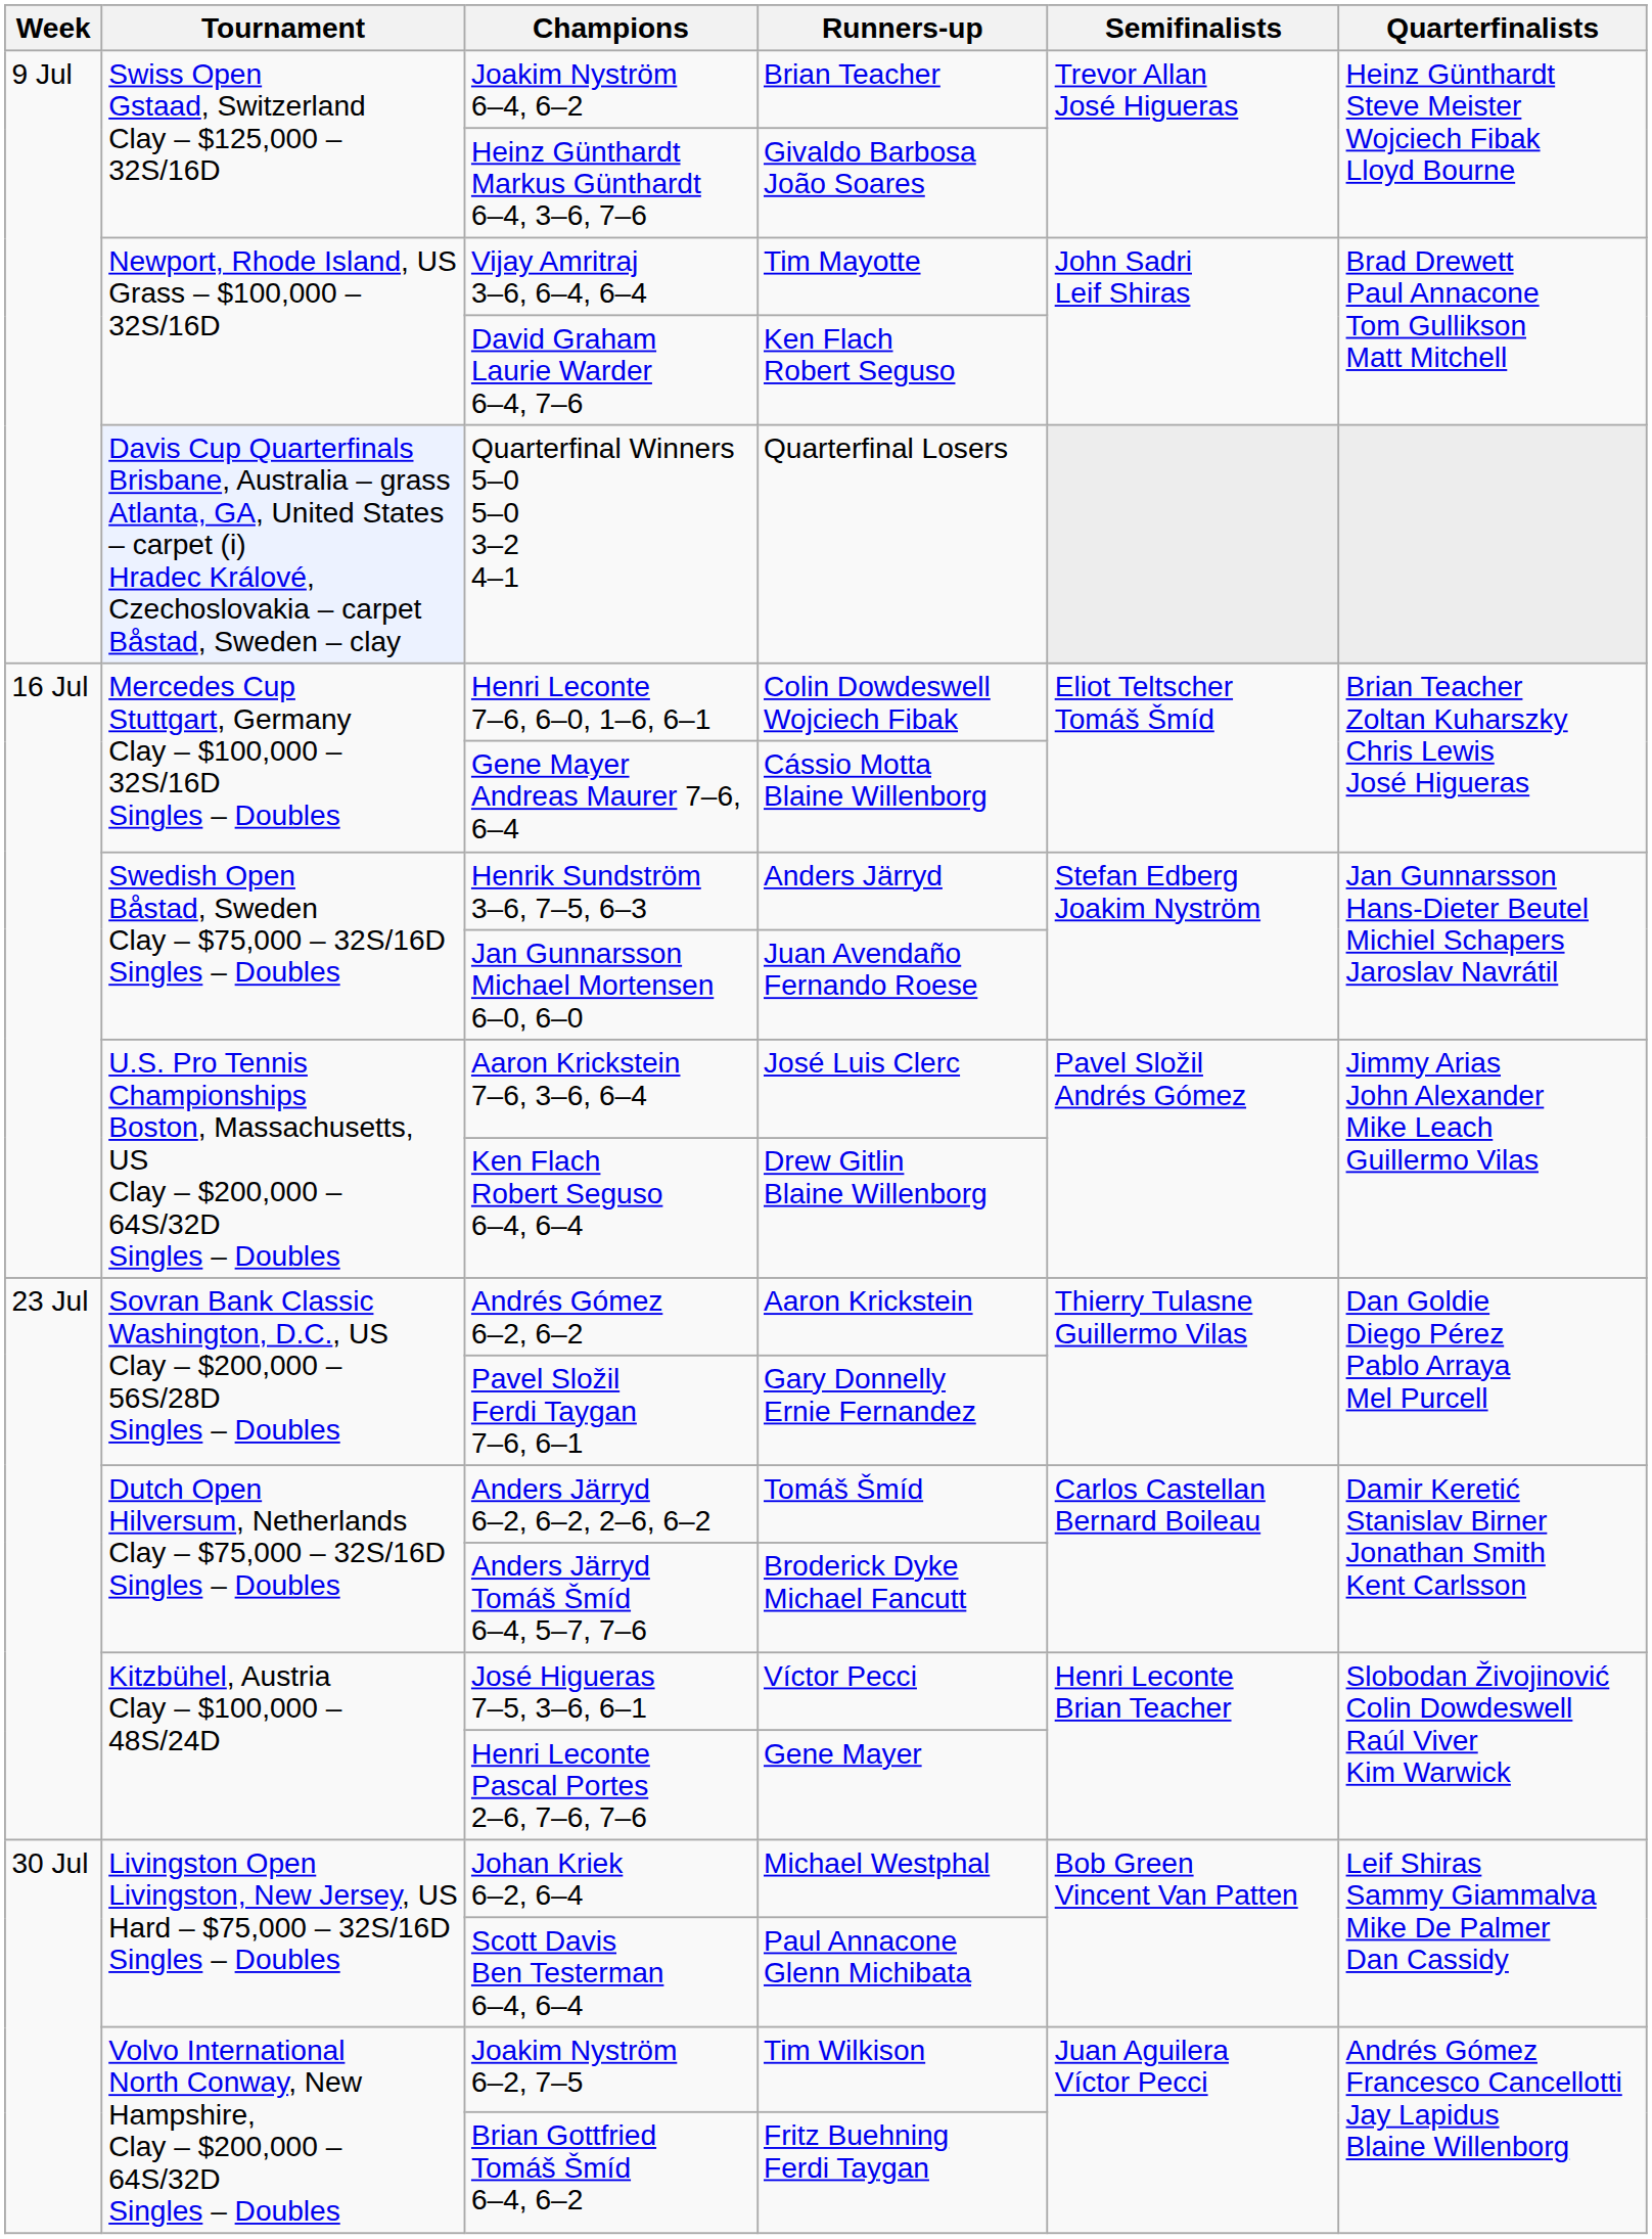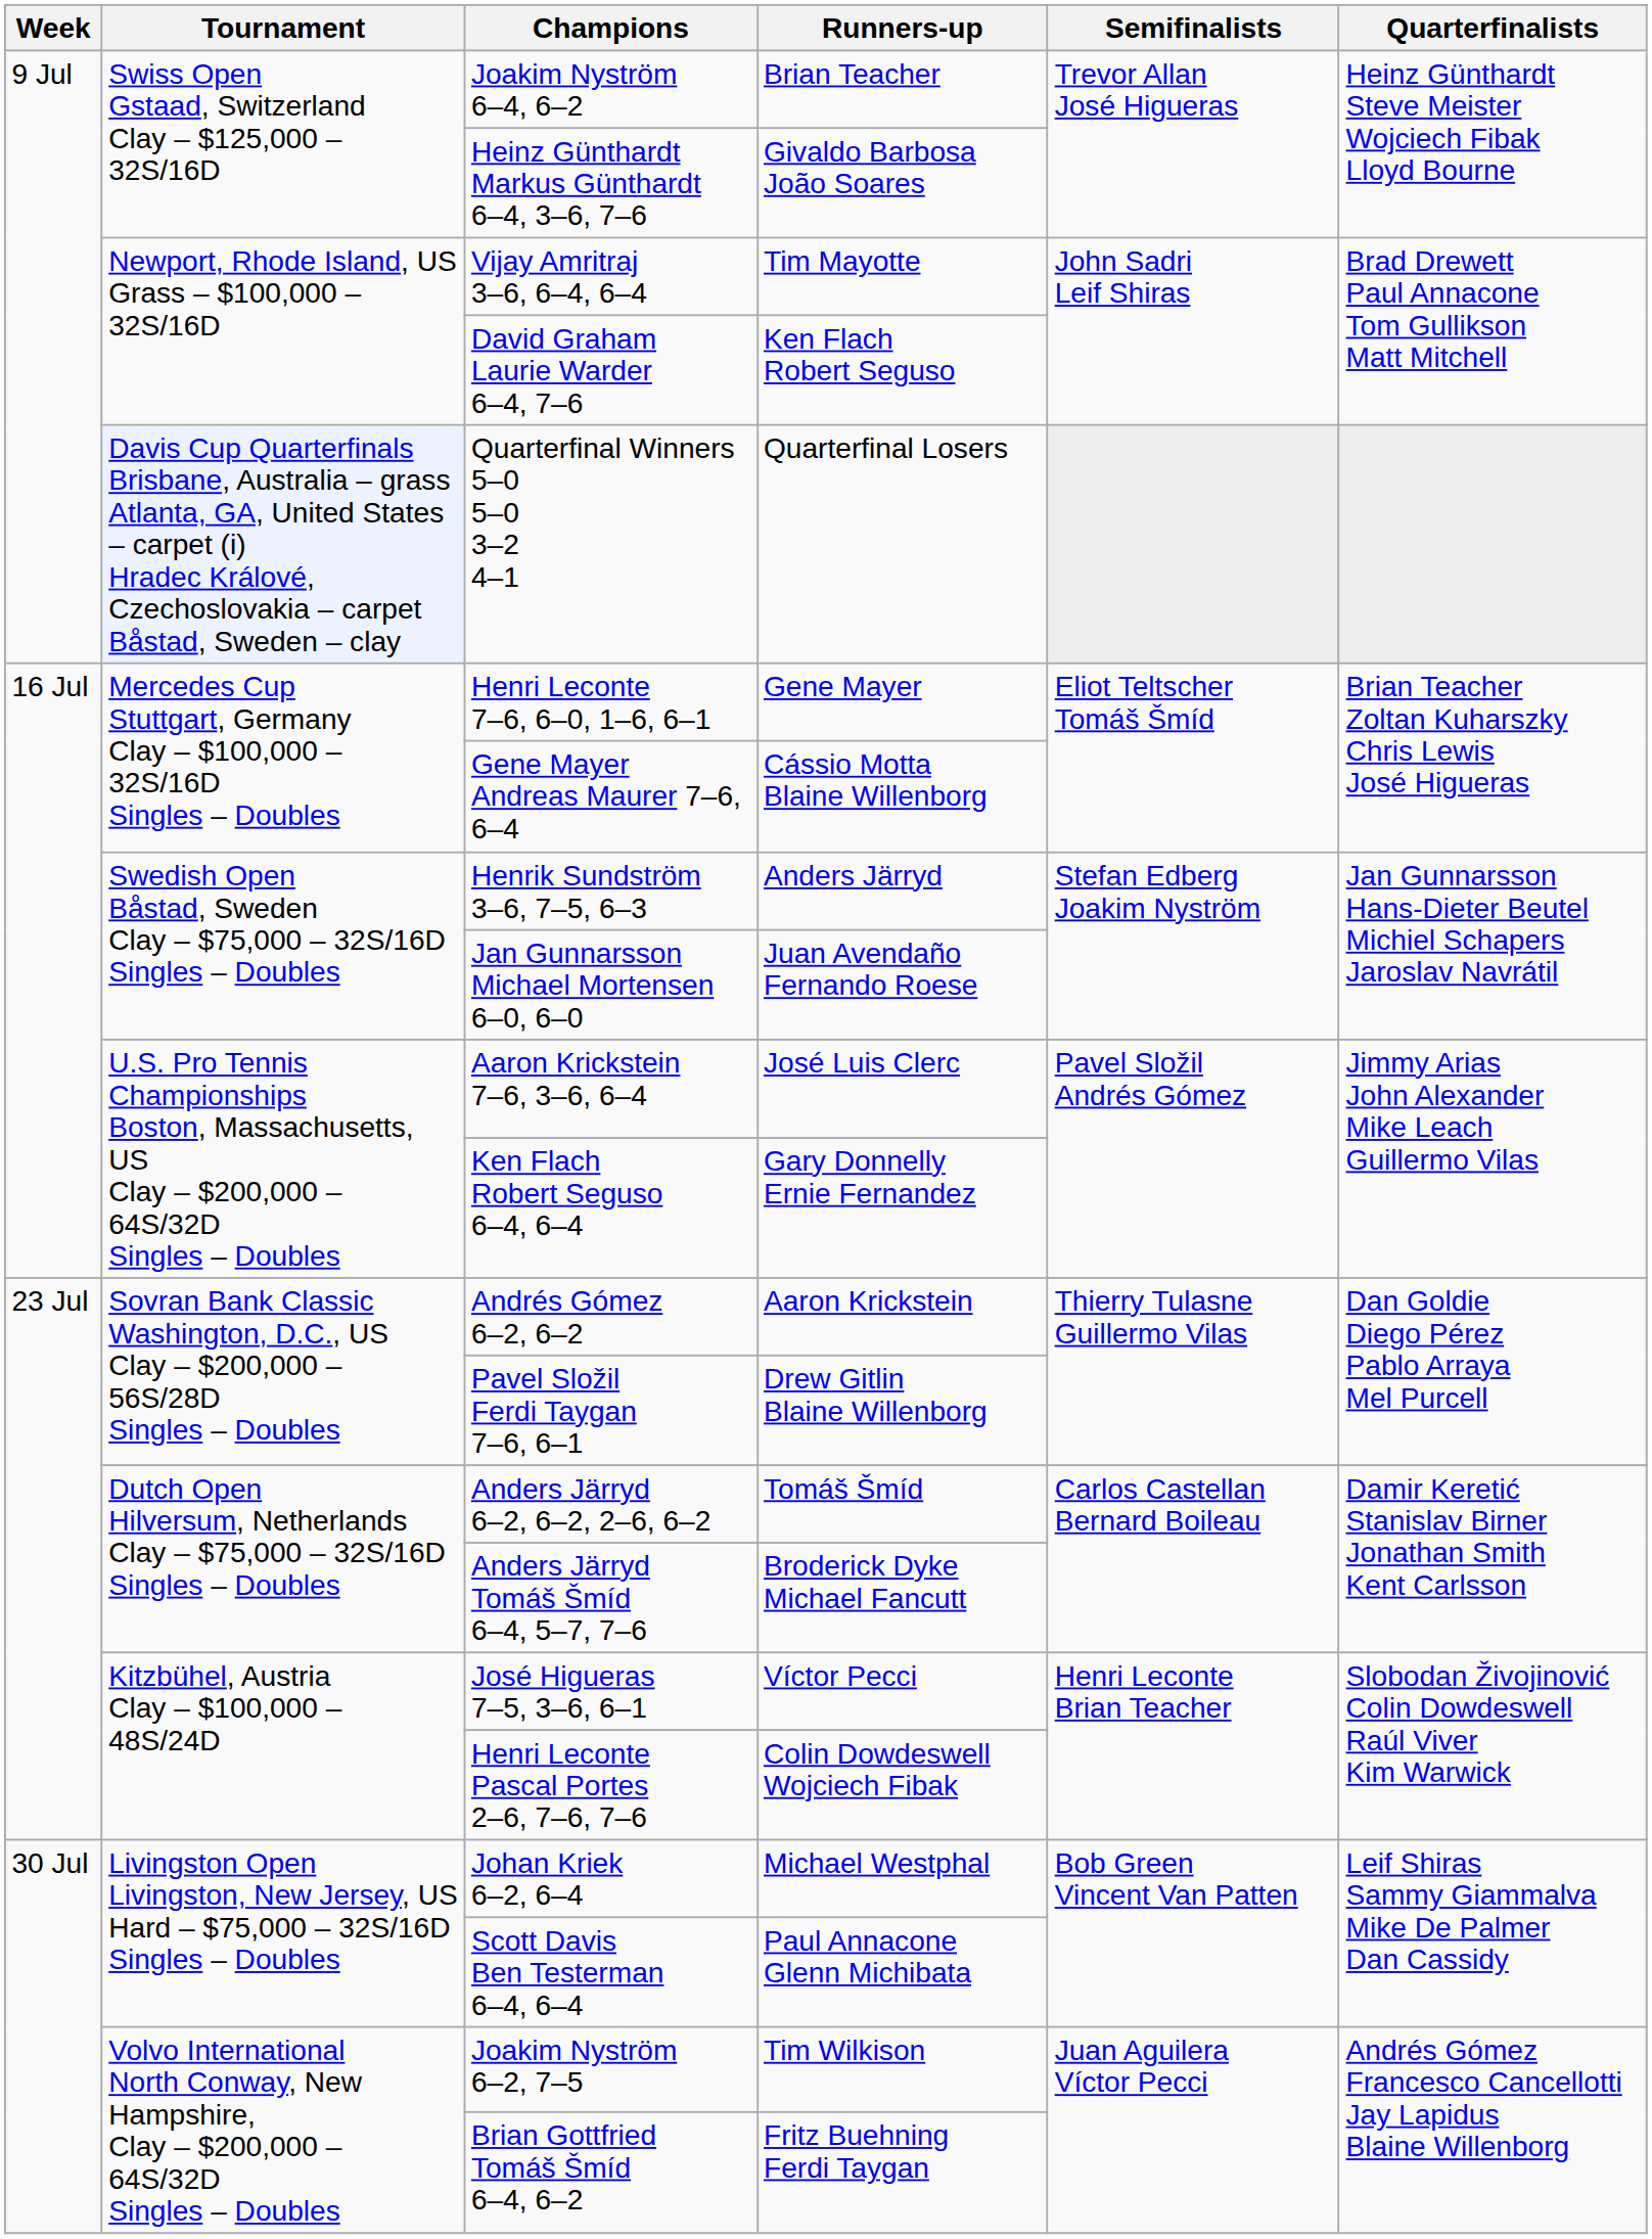 <table class=wikitable style=font-size:95%>
 <tr>
 <th style="width:48px;">Week</th>
 <th style="width:248px;">Tournament</th>
 <th style="width:200px;">Champions</th>
 <th style="width:200px;">Runners-up</th>
 <th style="width:190px;">Semifinalists</th>
 <th style="width:190px;">Quarterfinalists</th>
 </tr>
 <tr valign=top>
 <td rowspan=5>9 Jul</td>
 <td rowspan=2><a href='#'>Swiss Open</a> <br> <a href='#'>Gstaad</a>, Switzerland <br> Clay – $125,000 – 32S/16D</td>
 <td> <a href='#'>Joakim Nyström</a> <br> 6–4, 6–2</td>
 <td> <a href='#'>Brian Teacher</a></td>
 <td rowspan=2> <a href='#'>Trevor Allan</a> <br>  <a href='#'>José Higueras</a></td>
 <td rowspan=2> <a href='#'>Heinz Günthardt</a> <br>  <a href='#'>Steve Meister</a> <br>  <a href='#'>Wojciech Fibak</a> <br>  <a href='#'>Lloyd Bourne</a></td>
 </tr>
 <tr valign=top>
 <td> <a href='#'>Heinz Günthardt</a> <br>  <a href='#'>Markus Günthardt</a> <br> 6–4, 3–6, 7–6</td>
 <td> <a href='#'>Givaldo Barbosa</a> <br>  <a href='#'>João Soares</a></td>
 </tr>
 <tr valign=top>
 <td rowspan=2><a href='#'>Newport, Rhode Island</a>, US <br> Grass – $100,000 – 32S/16D</td>
 <td> <a href='#'>Vijay Amritraj</a> <br> 3–6, 6–4, 6–4</td>
 <td> <a href='#'>Tim Mayotte</a></td>
 <td rowspan=2> <a href='#'>John Sadri</a> <br>  <a href='#'>Leif Shiras</a></td>
 <td rowspan=2> <a href='#'>Brad Drewett</a> <br>  <a href='#'>Paul Annacone</a> <br>  <a href='#'>Tom Gullikson</a> <br>  <a href='#'>Matt Mitchell</a></td>
 </tr>
 <tr valign=top>
 <td> <a href='#'>David Graham</a> <br>  <a href='#'>Laurie Warder</a> <br> 6–4, 7–6</td>
 <td> <a href='#'>Ken Flach</a> <br>  <a href='#'>Robert Seguso</a></td>
 </tr>
 <tr valign=top>
 <td style="background:#ECF2FF;"><a href='#'>Davis Cup Quarterfinals</a><br> <a href='#'>Brisbane</a>, Australia – grass<br> <a href='#'>Atlanta, GA</a>, United States – carpet (i)<br> <a href='#'>Hradec Králové</a>, Czechoslovakia – carpet<br> <a href='#'>Båstad</a>, Sweden – clay</td>
 <td>Quarterfinal Winners<br> 5–0<br> 5–0<br> 3–2<br> 4–1</td>
 <td>Quarterfinal Losers<br><br><br><br></td>
 <td style="background:#ededed;"></td>
 <td style="background:#ededed;"></td>
 </tr>
 <tr valign=top>
 <td rowspan=6>16 Jul</td>
 <td rowspan=2><a href='#'>Mercedes Cup</a> <br> <a href='#'>Stuttgart</a>, Germany <br> Clay – $100,000 – 32S/16D <br> <a href='#'>Singles</a> – <a href='#'>Doubles</a></td>
 <td> <a href='#'>Henri Leconte</a> <br> 7–6, 6–0, 1–6, 6–1</td>
-<td> <a href='#'>Colin Dowdeswell</a> <br>  <a href='#'>Wojciech Fibak</a></td>
+<td> <a href='#'>Gene Mayer</a></td>
 <td rowspan=2> <a href='#'>Eliot Teltscher</a> <br>  <a href='#'>Tomáš Šmíd</a></td>
 <td rowspan=2> <a href='#'>Brian Teacher</a> <br>  <a href='#'>Zoltan Kuharszky</a> <br>  <a href='#'>Chris Lewis</a> <br>  <a href='#'>José Higueras</a></td>
 </tr>
 <tr valign=top>
 <td> <a href='#'>Gene Mayer</a> <br>  <a href='#'>Andreas Maurer</a> 7–6, 6–4</td>
 <td> <a href='#'>Cássio Motta</a> <br>  <a href='#'>Blaine Willenborg</a></td>
 </tr>
 <tr valign=top>
 <td rowspan=2><a href='#'>Swedish Open</a> <br> <a href='#'>Båstad</a>, Sweden <br> Clay – $75,000 – 32S/16D <br> <a href='#'>Singles</a> – <a href='#'>Doubles</a></td>
 <td> <a href='#'>Henrik Sundström</a> <br> 3–6, 7–5, 6–3</td>
 <td> <a href='#'>Anders Järryd</a></td>
 <td rowspan=2> <a href='#'>Stefan Edberg</a> <br>  <a href='#'>Joakim Nyström</a></td>
 <td rowspan=2> <a href='#'>Jan Gunnarsson</a> <br>  <a href='#'>Hans-Dieter Beutel</a> <br>  <a href='#'>Michiel Schapers</a> <br>  <a href='#'>Jaroslav Navrátil</a></td>
 </tr>
 <tr valign=top>
 <td> <a href='#'>Jan Gunnarsson</a> <br>  <a href='#'>Michael Mortensen</a> <br> 6–0, 6–0</td>
 <td> <a href='#'>Juan Avendaño</a> <br>  <a href='#'>Fernando Roese</a></td>
 </tr>
 <tr valign=top>
 <td rowspan=2><a href='#'>U.S. Pro Tennis Championships</a> <br> <a href='#'>Boston</a>, Massachusetts, US <br> Clay – $200,000 – 64S/32D <br> <a href='#'>Singles</a> – <a href='#'>Doubles</a></td>
 <td> <a href='#'>Aaron Krickstein</a> <br> 7–6, 3–6, 6–4</td>
 <td> <a href='#'>José Luis Clerc</a></td>
 <td rowspan=2> <a href='#'>Pavel Složil</a> <br>  <a href='#'>Andrés Gómez</a></td>
 <td rowspan=2> <a href='#'>Jimmy Arias</a> <br>  <a href='#'>John Alexander</a> <br>  <a href='#'>Mike Leach</a> <br>  <a href='#'>Guillermo Vilas</a></td>
 </tr>
 <tr valign=top>
 <td> <a href='#'>Ken Flach</a> <br>  <a href='#'>Robert Seguso</a> <br> 6–4, 6–4</td>
-<td> <a href='#'>Drew Gitlin</a> <br>  <a href='#'>Blaine Willenborg</a></td>
+<td> <a href='#'>Gary Donnelly</a> <br>  <a href='#'>Ernie Fernandez</a></td>
 </tr>
 <tr valign=top>
 <td rowspan=6>23 Jul</td>
 <td rowspan=2><a href='#'>Sovran Bank Classic</a> <br> <a href='#'>Washington, D.C.</a>, US <br> Clay – $200,000 – 56S/28D <br> <a href='#'>Singles</a> – <a href='#'>Doubles</a></td>
 <td> <a href='#'>Andrés Gómez</a> <br> 6–2, 6–2</td>
 <td> <a href='#'>Aaron Krickstein</a></td>
 <td rowspan=2> <a href='#'>Thierry Tulasne</a> <br>  <a href='#'>Guillermo Vilas</a></td>
 <td rowspan=2> <a href='#'>Dan Goldie</a> <br>  <a href='#'>Diego Pérez</a> <br>  <a href='#'>Pablo Arraya</a> <br>  <a href='#'>Mel Purcell</a></td>
 </tr>
 <tr valign=top>
 <td> <a href='#'>Pavel Složil</a> <br>  <a href='#'>Ferdi Taygan</a> <br> 7–6, 6–1</td>
-<td> <a href='#'>Gary Donnelly</a> <br>  <a href='#'>Ernie Fernandez</a></td>
+<td> <a href='#'>Drew Gitlin</a> <br>  <a href='#'>Blaine Willenborg</a></td>
 </tr>
 <tr valign=top>
 <td rowspan=2><a href='#'>Dutch Open</a> <br> <a href='#'>Hilversum</a>, Netherlands <br> Clay – $75,000 – 32S/16D <br> <a href='#'>Singles</a> – <a href='#'>Doubles</a></td>
 <td> <a href='#'>Anders Järryd</a> <br> 6–2, 6–2, 2–6, 6–2</td>
 <td> <a href='#'>Tomáš Šmíd</a></td>
 <td rowspan=2> <a href='#'>Carlos Castellan</a> <br>  <a href='#'>Bernard Boileau</a></td>
 <td rowspan=2> <a href='#'>Damir Keretić</a> <br>  <a href='#'>Stanislav Birner</a> <br>  <a href='#'>Jonathan Smith</a> <br>  <a href='#'>Kent Carlsson</a></td>
 </tr>
 <tr valign=top>
 <td> <a href='#'>Anders Järryd</a> <br>  <a href='#'>Tomáš Šmíd</a> <br> 6–4, 5–7, 7–6</td>
 <td> <a href='#'>Broderick Dyke</a> <br>  <a href='#'>Michael Fancutt</a></td>
 </tr>
 <tr valign=top>
 <td rowspan=2><a href='#'>Kitzbühel</a>, Austria <br> Clay – $100,000 – 48S/24D</td>
 <td> <a href='#'>José Higueras</a> <br> 7–5, 3–6, 6–1</td>
 <td> <a href='#'>Víctor Pecci</a></td>
 <td rowspan=2> <a href='#'>Henri Leconte</a> <br>  <a href='#'>Brian Teacher</a></td>
 <td rowspan=2> <a href='#'>Slobodan Živojinović</a> <br>  <a href='#'>Colin Dowdeswell</a> <br>  <a href='#'>Raúl Viver</a> <br>  <a href='#'>Kim Warwick</a></td>
 </tr>
 <tr valign=top>
 <td> <a href='#'>Henri Leconte</a> <br>  <a href='#'>Pascal Portes</a> <br> 2–6, 7–6, 7–6</td>
-<td> <a href='#'>Gene Mayer</a></td>
+<td> <a href='#'>Colin Dowdeswell</a> <br>  <a href='#'>Wojciech Fibak</a></td>
 </tr>
 <tr valign=top>
 <td rowspan=4>30 Jul</td>
 <td rowspan=2><a href='#'>Livingston Open</a> <br> <a href='#'>Livingston, New Jersey</a>, US <br> Hard – $75,000 – 32S/16D <br> <a href='#'>Singles</a> – <a href='#'>Doubles</a></td>
 <td> <a href='#'>Johan Kriek</a> <br> 6–2, 6–4</td>
 <td> <a href='#'>Michael Westphal</a></td>
 <td rowspan=2> <a href='#'>Bob Green</a> <br>  <a href='#'>Vincent Van Patten</a></td>
 <td rowspan=2> <a href='#'>Leif Shiras</a> <br>  <a href='#'>Sammy Giammalva</a> <br>  <a href='#'>Mike De Palmer</a> <br>  <a href='#'>Dan Cassidy</a></td>
 </tr>
 <tr valign=top>
 <td> <a href='#'>Scott Davis</a> <br>  <a href='#'>Ben Testerman</a> <br> 6–4, 6–4</td>
 <td> <a href='#'>Paul Annacone</a> <br>  <a href='#'>Glenn Michibata</a></td>
 </tr>
 <tr valign=top>
 <td rowspan=2><a href='#'>Volvo International</a> <br> <a href='#'>North Conway</a>, New Hampshire, <br> Clay – $200,000 – 64S/32D <br> <a href='#'>Singles</a> – <a href='#'>Doubles</a></td>
 <td> <a href='#'>Joakim Nyström</a> <br> 6–2, 7–5</td>
 <td> <a href='#'>Tim Wilkison</a></td>
 <td rowspan=2> <a href='#'>Juan Aguilera</a> <br>  <a href='#'>Víctor Pecci</a></td>
 <td rowspan=2> <a href='#'>Andrés Gómez</a> <br>  <a href='#'>Francesco Cancellotti</a> <br>  <a href='#'>Jay Lapidus</a> <br>  <a href='#'>Blaine Willenborg</a></td>
 </tr>
 <tr valign=top>
 <td> <a href='#'>Brian Gottfried</a> <br>  <a href='#'>Tomáš Šmíd</a> <br> 6–4, 6–2</td>
 <td> <a href='#'>Fritz Buehning</a> <br>  <a href='#'>Ferdi Taygan</a></td>
 </tr>
 </table>
